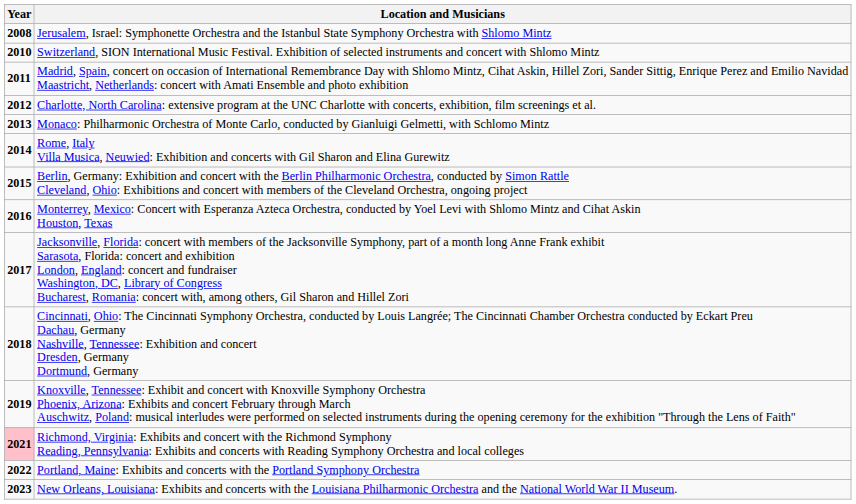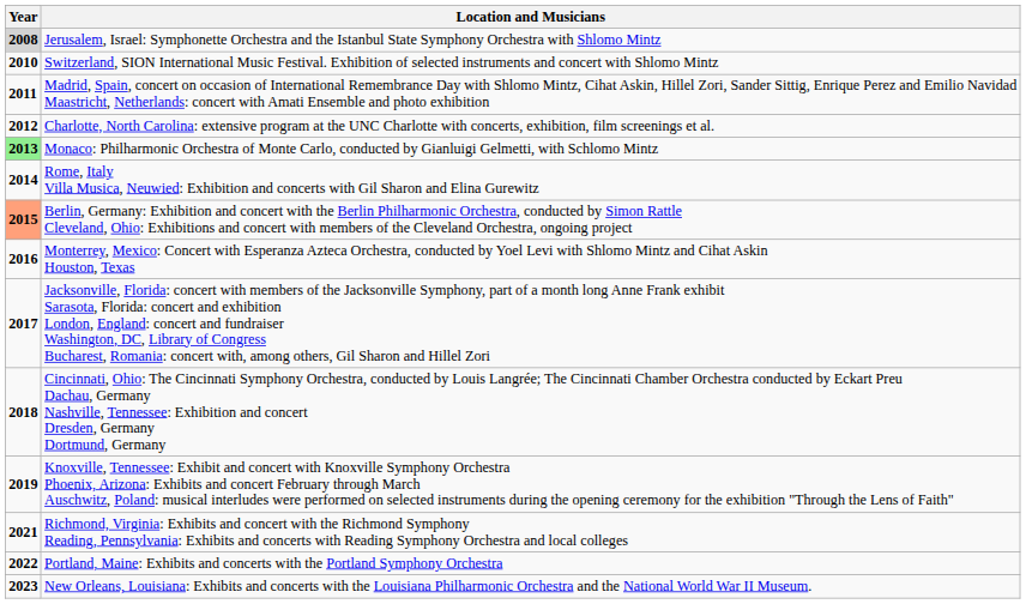 <table class="wikitable">
 <tr>
 <th>Year</th>
 <th>Location and Musicians</th>
 </tr>
 <tr>
-<td><strong>2008</strong></td>
+<td style="background: lightgrey;"><strong>2008</strong></td>
 <td><a href='#'>Jerusalem</a>, Israel: Symphonette Orchestra and the Istanbul State Symphony Orchestra with <a href='#'>Shlomo Mintz</a></td>
 </tr>
 <tr>
 <td><strong>2010</strong></td>
 <td><a href='#'>Switzerland</a>, SION International Music Festival. Exhibition of selected instruments and concert with Shlomo Mintz</td>
 </tr>
 <tr>
 <td><strong>2011</strong></td>
 <td><a href='#'>Madrid</a>, <a href='#'>Spain</a>, concert on occasion of International Remembrance Day with Shlomo Mintz, Cihat Askin, Hillel Zori, Sander Sittig, Enrique Perez and Emilio Navidad<br><a href='#'>Maastricht</a>, <a href='#'>Netherlands</a>: concert with Amati Ensemble and photo exhibition</td>
 </tr>
 <tr>
 <td><strong>2012</strong></td>
 <td><a href='#'>Charlotte, North Carolina</a>: extensive program at the UNC Charlotte with concerts, exhibition, film screenings et al.</td>
 </tr>
 <tr>
-<td><strong>2013</strong></td>
+<td style="background: lightgreen;"><strong>2013</strong></td>
 <td><a href='#'>Monaco</a>: Philharmonic Orchestra of Monte Carlo, conducted by Gianluigi Gelmetti, with Schlomo Mintz</td>
 </tr>
 <tr>
 <td><strong>2014</strong></td>
 <td><a href='#'>Rome</a>, <a href='#'>Italy</a><br><a href='#'>Villa Musica</a>, <a href='#'>Neuwied</a>: Exhibition and concerts with Gil Sharon and Elina Gurewitz</td>
 </tr>
 <tr>
-<td><strong>2015</strong></td>
+<td style="background: lightsalmon;"><strong>2015</strong></td>
 <td><a href='#'>Berlin</a>, Germany: Exhibition and concert with the <a href='#'>Berlin Philharmonic Orchestra</a>, conducted by <a href='#'>Simon Rattle</a><br><a href='#'>Cleveland</a>, <a href='#'>Ohio</a>: Exhibitions and concert with members of the Cleveland Orchestra, ongoing project</td>
 </tr>
 <tr>
 <td><strong>2016</strong></td>
 <td><a href='#'>Monterrey</a>, <a href='#'>Mexico</a>: Concert with Esperanza Azteca Orchestra, conducted by Yoel Levi with Shlomo Mintz and Cihat Askin<br><a href='#'>Houston</a>, <a href='#'>Texas</a></td>
 </tr>
 <tr>
 <td><strong>2017</strong></td>
 <td><a href='#'>Jacksonville</a>, <a href='#'>Florida</a>: concert with members of the Jacksonville Symphony, part of a month long Anne Frank exhibit<br><a href='#'>Sarasota</a>, Florida: concert and exhibition<br><a href='#'>London</a>, <a href='#'>England</a>: concert and fundraiser<br><a href='#'>Washington, DC</a>, <a href='#'>Library of Congress</a><br><a href='#'>Bucharest</a>, <a href='#'>Romania</a>: concert with, among others, Gil Sharon and Hillel Zori</td>
 </tr>
 <tr>
 <td><strong>2018</strong></td>
 <td><a href='#'>Cincinnati</a>, <a href='#'>Ohio</a>: The Cincinnati Symphony Orchestra, conducted by Louis Langrée; The Cincinnati Chamber Orchestra conducted by Eckart Preu<br><a href='#'>Dachau</a>, Germany<br><a href='#'>Nashville</a>, <a href='#'>Tennessee</a>: Exhibition and concert<br><a href='#'>Dresden</a>, Germany<br><a href='#'>Dortmund</a>, Germany</td>
 </tr>
 <tr>
 <td><strong>2019</strong></td>
 <td><a href='#'>Knoxville</a>, <a href='#'>Tennessee</a>: Exhibit and concert with Knoxville Symphony Orchestra<br><a href='#'>Phoenix, Arizona</a>: Exhibits and concert February through March<br><a href='#'>Auschwitz</a>, <a href='#'>Poland</a>: musical interludes were performed on selected instruments during the opening ceremony for the exhibition "Through the Lens of Faith"</td>
 </tr>
 <tr>
-<td style="background: pink;"><strong>2021</strong></td>
+<td><strong>2021</strong></td>
 <td><a href='#'>Richmond, Virginia</a>: Exhibits and concert with the Richmond Symphony<br><a href='#'>Reading, Pennsylvania</a>: Exhibits and concerts with Reading Symphony Orchestra and local colleges</td>
 </tr>
 <tr>
 <td><strong>2022</strong></td>
 <td><a href='#'>Portland, Maine</a>: Exhibits and concerts with the <a href='#'>Portland Symphony Orchestra</a></td>
 </tr>
 <tr>
 <td><strong>2023</strong></td>
 <td><a href='#'>New Orleans, Louisiana</a>:  Exhibits and concerts with the <a href='#'>Louisiana Philharmonic Orchestra</a> and the <a href='#'>National World War II Museum</a>.</td>
 </tr>
 </table>
